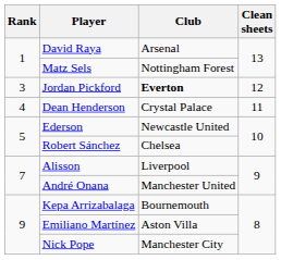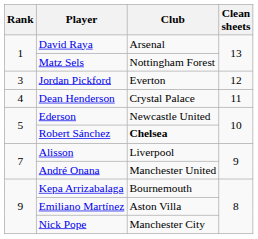 <table class="wikitable" style="text-align:center">
 <tr>
 <th>Rank</th>
 <th>Player</th>
 <th>Club</th>
 <th>Clean<br>sheets</th>
 </tr>
 <tr>
 <td rowspan="2">1</td>
 <td align="left"> <a href='#'>David Raya</a></td>
 <td align="left">Arsenal</td>
 <td rowspan="2">13</td>
 </tr>
 <tr>
 <td align="left"> <a href='#'>Matz Sels</a></td>
 <td align="left">Nottingham Forest</td>
 </tr>
 <tr>
 <td>3</td>
 <td align="left"> <a href='#'>Jordan Pickford</a></td>
-<td align="left"><strong>Everton</strong></td>
+<td align="left">Everton</td>
 <td>12</td>
 </tr>
 <tr>
 <td>4</td>
 <td align="left"> <a href='#'>Dean Henderson</a></td>
 <td align="left">Crystal Palace</td>
 <td>11</td>
 </tr>
 <tr>
 <td rowspan="2">5</td>
 <td align="left"> <a href='#'>Ederson</a></td>
 <td align="left">Newcastle United</td>
 <td rowspan="2">10</td>
 </tr>
 <tr>
 <td align="left"> <a href='#'>Robert Sánchez</a></td>
-<td align="left">Chelsea</td>
+<td align="left"><strong>Chelsea</strong></td>
 </tr>
 <tr>
 <td rowspan="2">7</td>
 <td align="left"> <a href='#'>Alisson</a></td>
 <td align="left">Liverpool</td>
 <td rowspan="2">9</td>
 </tr>
 <tr>
 <td align="left"> <a href='#'>André Onana</a></td>
 <td align="left">Manchester United</td>
 </tr>
 <tr>
 <td rowspan="3">9</td>
 <td align="left"> <a href='#'>Kepa Arrizabalaga</a></td>
 <td align="left">Bournemouth</td>
 <td rowspan="3">8</td>
 </tr>
 <tr>
 <td align="left"> <a href='#'>Emiliano Martínez</a></td>
 <td align="left">Aston Villa</td>
 </tr>
 <tr>
 <td align="left"> <a href='#'>Nick Pope</a></td>
 <td align="left">Manchester City</td>
 </tr>
 </table>
